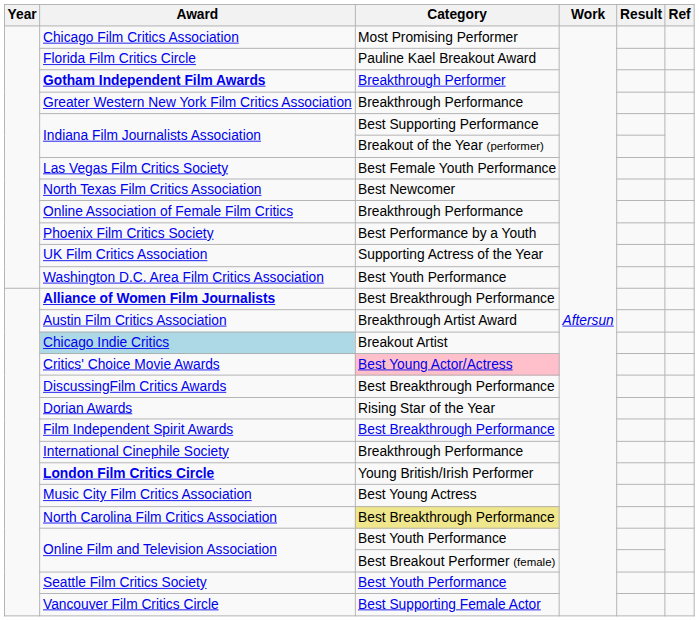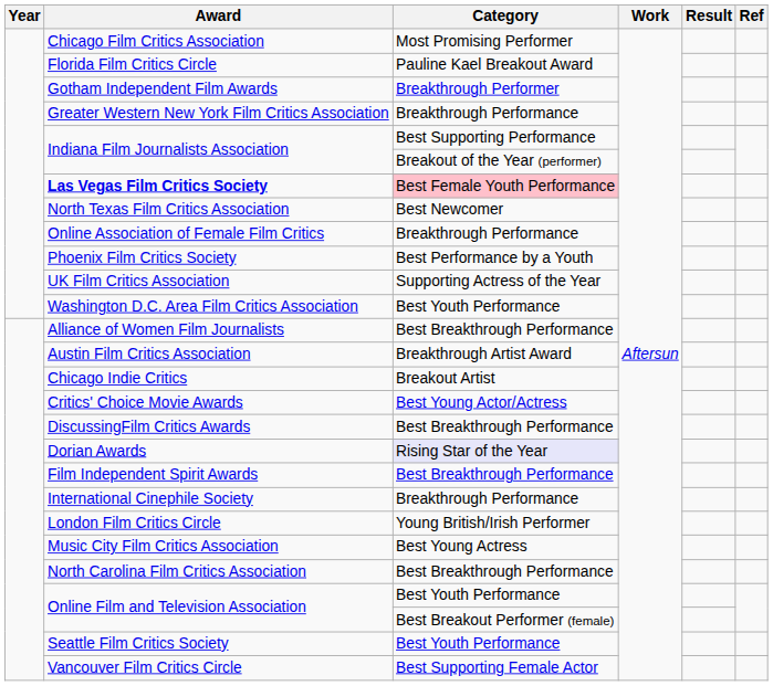 <table class="wikitable sortable">
 <tr>
 <th>Year</th>
 <th>Award</th>
 <th>Category</th>
 <th>Work</th>
 <th>Result</th>
 <th>Ref</th>
 </tr>
 <tr>
 <td rowspan="12"></td>
 <td><a href='#'>Chicago Film Critics Association</a></td>
 <td>Most Promising Performer</td>
 <td rowspan="27"><em><a href='#'>Aftersun</a></em></td>
 <td></td>
 <td style="text-align:center;"></td>
 </tr>
 <tr>
 <td><a href='#'>Florida Film Critics Circle</a></td>
 <td>Pauline Kael Breakout Award</td>
 <td></td>
 <td style="text-align:center;"></td>
 </tr>
 <tr>
-<td><strong><a href='#'>Gotham Independent Film Awards</a></strong></td>
+<td><a href='#'>Gotham Independent Film Awards</a></td>
 <td><a href='#'>Breakthrough Performer</a></td>
 <td></td>
 <td style="text-align:center;"></td>
 </tr>
 <tr>
 <td><a href='#'>Greater Western New York Film Critics Association</a></td>
 <td>Breakthrough Performance</td>
 <td></td>
 <td style="text-align:center;"></td>
 </tr>
 <tr>
 <td rowspan="2"><a href='#'>Indiana Film Journalists Association</a></td>
 <td>Best Supporting Performance</td>
 <td></td>
 <td style="text-align:center;" rowspan="2"></td>
 </tr>
 <tr>
 <td>Breakout of the Year <small>(performer)</small></td>
 <td></td>
 </tr>
 <tr>
-<td><a href='#'>Las Vegas Film Critics Society</a></td>
-<td>Best Female Youth Performance</td>
+<td><strong><a href='#'>Las Vegas Film Critics Society</a></strong></td>
+<td style="background: pink;">Best Female Youth Performance</td>
 <td></td>
 <td style="text-align:center;"></td>
 </tr>
 <tr>
 <td><a href='#'>North Texas Film Critics Association</a></td>
 <td>Best Newcomer</td>
 <td></td>
 <td style="text-align:center;"></td>
 </tr>
 <tr>
 <td><a href='#'>Online Association of Female Film Critics</a></td>
 <td>Breakthrough Performance</td>
 <td></td>
 <td style="text-align:center;"></td>
 </tr>
 <tr>
 <td><a href='#'>Phoenix Film Critics Society</a></td>
 <td>Best Performance by a Youth</td>
 <td></td>
 <td style="text-align:center;"></td>
 </tr>
 <tr>
 <td><a href='#'>UK Film Critics Association</a></td>
 <td>Supporting Actress of the Year</td>
 <td></td>
 <td style="text-align:center;"></td>
 </tr>
 <tr>
 <td><a href='#'>Washington D.C. Area Film Critics Association</a></td>
 <td>Best Youth Performance</td>
 <td></td>
 <td style="text-align:center;"></td>
 </tr>
 <tr>
 <td rowspan="15"></td>
-<td><strong><a href='#'>Alliance of Women Film Journalists</a></strong></td>
+<td><a href='#'>Alliance of Women Film Journalists</a></td>
 <td>Best Breakthrough Performance</td>
 <td></td>
 <td style="text-align:center;"></td>
 </tr>
 <tr>
 <td><a href='#'>Austin Film Critics Association</a></td>
 <td>Breakthrough Artist Award</td>
 <td></td>
 <td style="text-align:center;"></td>
 </tr>
 <tr>
-<td style="background: lightblue;"><a href='#'>Chicago Indie Critics</a></td>
+<td><a href='#'>Chicago Indie Critics</a></td>
 <td>Breakout Artist</td>
 <td></td>
 <td style="text-align:center;"></td>
 </tr>
 <tr>
 <td><a href='#'>Critics' Choice Movie Awards</a></td>
-<td style="background: pink;"><a href='#'>Best Young Actor/Actress</a></td>
+<td><a href='#'>Best Young Actor/Actress</a></td>
 <td></td>
 <td style="text-align:center;"></td>
 </tr>
 <tr>
 <td><a href='#'>DiscussingFilm Critics Awards</a></td>
 <td>Best Breakthrough Performance</td>
 <td></td>
 <td style="text-align:center;"></td>
 </tr>
 <tr>
 <td><a href='#'>Dorian Awards</a></td>
-<td>Rising Star of the Year</td>
+<td style="background: lavender;">Rising Star of the Year</td>
 <td></td>
 <td style="text-align:center;"></td>
 </tr>
 <tr>
 <td><a href='#'>Film Independent Spirit Awards</a></td>
 <td><a href='#'>Best Breakthrough Performance</a></td>
 <td></td>
 <td style="text-align:center;"></td>
 </tr>
 <tr>
 <td><a href='#'>International Cinephile Society</a></td>
 <td>Breakthrough Performance</td>
 <td></td>
 <td style="text-align:center;"></td>
 </tr>
 <tr>
-<td><strong><a href='#'>London Film Critics Circle</a></strong></td>
+<td><a href='#'>London Film Critics Circle</a></td>
 <td>Young British/Irish Performer</td>
 <td></td>
 <td style="text-align:center;"></td>
 </tr>
 <tr>
 <td><a href='#'>Music City Film Critics Association</a></td>
 <td>Best Young Actress</td>
 <td></td>
 <td style="text-align:center;"></td>
 </tr>
 <tr>
 <td><a href='#'>North Carolina Film Critics Association</a></td>
-<td style="background: khaki;">Best Breakthrough Performance</td>
+<td>Best Breakthrough Performance</td>
 <td></td>
 <td style="text-align:center;"></td>
 </tr>
 <tr>
 <td rowspan="2"><a href='#'>Online Film and Television Association</a></td>
 <td>Best Youth Performance</td>
 <td></td>
 <td style="text-align:center;" rowspan="2"></td>
 </tr>
 <tr>
 <td>Best Breakout Performer <small>(female)</small></td>
 <td></td>
 </tr>
 <tr>
 <td><a href='#'>Seattle Film Critics Society</a></td>
 <td><a href='#'>Best Youth Performance</a></td>
 <td></td>
 <td style="text-align:center;"></td>
 </tr>
 <tr>
 <td><a href='#'>Vancouver Film Critics Circle</a></td>
 <td><a href='#'>Best Supporting Female Actor</a></td>
 <td></td>
 <td style="text-align:center;"></td>
 </tr>
 </table>
